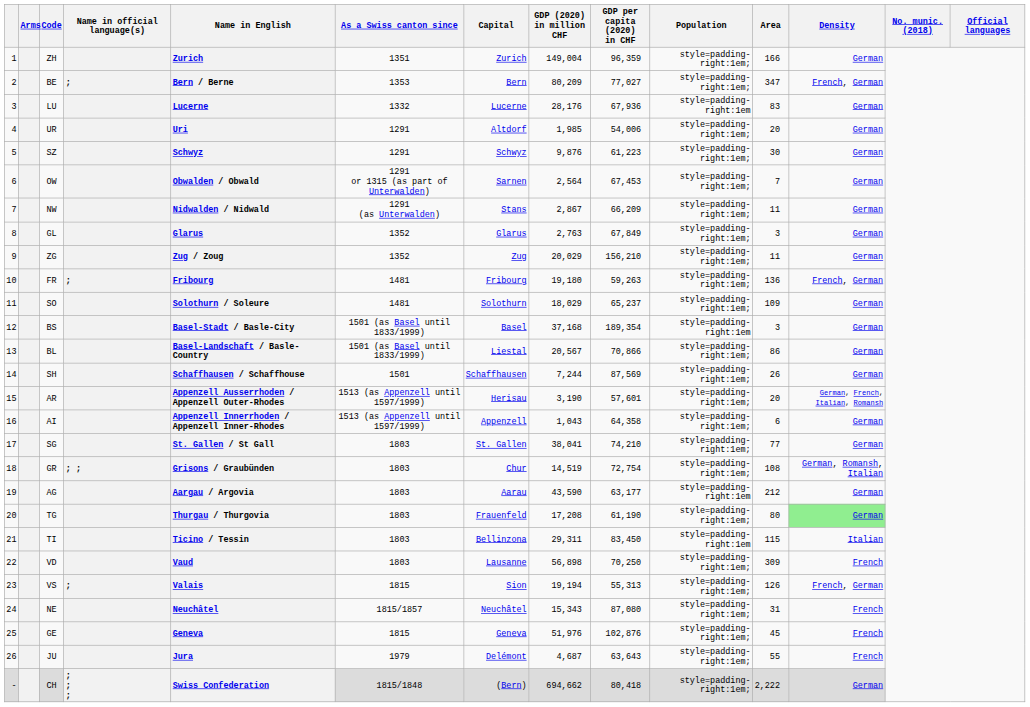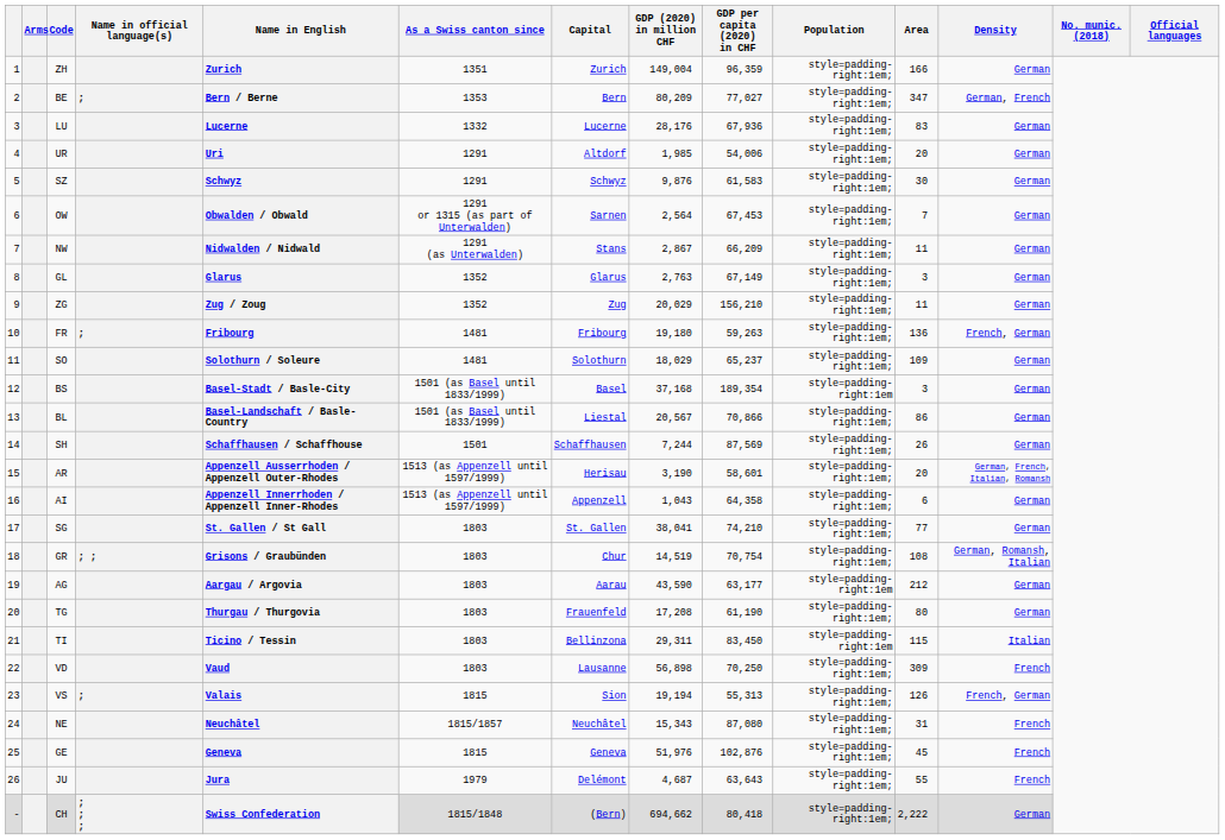 <table class="sortable wikitable sticky-table-row1 sticky-table-col1" style="text-align:right;">
 <tr>
 <th></th>
 <th style=max-width:2em;><a href='#'>Arms</a><br></th>
 <th><a href='#'>Code</a></th>
 <th>Name in official language(s)</th>
 <th>Name in English</th>
 <th><a href='#'>As a Swiss canton since</a></th>
 <th>Capital</th>
 <th>GDP (2020)<br>in million CHF</th>
 <th>GDP per<br>capita (2020)<br>in CHF</th>
 <th scope="col" data-sort-type="number">Population<br></th>
 <th>Area </th>
 <th><a href='#'>Density</a><br> </th>
 <th><a href='#'>No. munic. (2018)</a></th>
 <th><a href='#'>Official languages</a></th>
 </tr>
 <tr>
 <td>1</td>
 <th><br></th>
 <td style=text-align:center;>ZH</td>
 <th style=text-align:left;></th>
 <th style=text-align:left><a href='#'>Zurich</a></th>
 <td style=text-align:center;>1351</td>
 <td><a href='#'>Zurich</a></td>
 <td style=padding-right:1em;>149,004</td>
 <td style=padding-right:1em;>96,359</td>
 <td>style=padding-right:1em; </td>
 <td style=padding-right:1em;>166</td>
 <td><a href='#'>German</a></td>
 </tr>
 <tr>
 <td>2</td>
 <th><br></th>
 <td style=text-align:center;>BE</td>
 <th style=text-align:left;>; </th>
 <th style=text-align:left;><a href='#'>Bern</a> / Berne</th>
 <td style=text-align:center;>1353</td>
 <td><a href='#'>Bern</a></td>
 <td style=padding-right:1em;>80,209</td>
 <td style=padding-right:1em;>77,027</td>
 <td>style=padding-right:1em; </td>
 <td style=padding-right:1em;>347</td>
-<td><a href='#'>French</a>, <a href='#'>German</a></td>
+<td><a href='#'>German</a>, <a href='#'>French</a></td>
 </tr>
 <tr>
 <td>3</td>
 <th><br></th>
 <td style=text-align:center;>LU</td>
 <th style=text-align:left;></th>
 <th style=text-align:left;><a href='#'>Lucerne</a></th>
 <td style=text-align:center;>1332</td>
 <td><a href='#'>Lucerne</a></td>
 <td style=padding-right:1em;>28,176</td>
 <td style=padding-right:1em;>67,936</td>
-<td>style=padding-right:1em </td>
+<td>style=padding-right:1em; </td>
 <td style=padding-right:1em;>83</td>
 <td><a href='#'>German</a></td>
 </tr>
 <tr>
 <td>4</td>
 <th><br></th>
 <td style=text-align:center;>UR</td>
 <th style=text-align:left;></th>
 <th style=text-align:left;><a href='#'>Uri</a></th>
 <td style=text-align:center;>1291<br></td>
 <td><a href='#'>Altdorf</a></td>
 <td style=padding-right:1em;>1,985</td>
 <td style=padding-right:1em;>54,006</td>
 <td>style=padding-right:1em; </td>
 <td style=padding-right:1em>20</td>
 <td><a href='#'>German</a></td>
 </tr>
 <tr>
 <td>5</td>
 <th><br></th>
 <td style=text-align:center;>SZ</td>
 <th style=text-align:left;></th>
 <th style=text-align:left;><a href='#'>Schwyz</a></th>
 <td style=text-align:center;>1291<br></td>
 <td><a href='#'>Schwyz</a></td>
 <td style=padding-right:1em;>9,876</td>
-<td style=padding-right:1em;>61,223</td>
+<td style=padding-right:1em;>61,583</td>
 <td>style=padding-right:1em; </td>
 <td style=padding-right:1em;>30</td>
 <td><a href='#'>German</a></td>
 </tr>
 <tr>
 <td>6</td>
 <th><br></th>
 <td style=text-align:center>OW</td>
 <th style=text-align:left></th>
 <th style=text-align:left><a href='#'>Obwalden</a> / Obwald</th>
 <td style=text-align:center;>1291<br> or 1315 (as part of <a href='#'>Unterwalden</a>)</td>
 <td><a href='#'>Sarnen</a></td>
 <td style=padding-right:1em;>2,564</td>
 <td style=padding-right:1em;>67,453</td>
 <td>style=padding-right:1em; </td>
 <td style=padding-right:1em;>7</td>
 <td><a href='#'>German</a></td>
 </tr>
 <tr>
 <td>7</td>
 <th><br></th>
 <td style=text-align:center;>NW</td>
 <th style=text-align:left;></th>
 <th style=text-align:left;><a href='#'>Nidwalden</a> / Nidwald</th>
 <td style=text-align:center;>1291<br> (as <a href='#'>Unterwalden</a>)</td>
 <td><a href='#'>Stans</a></td>
 <td style=padding-right:1em;>2,867</td>
 <td style=padding-right:1em;>66,209</td>
 <td>style=padding-right:1em; </td>
 <td style=padding-right:1em;>11</td>
 <td><a href='#'>German</a></td>
 </tr>
 <tr>
 <td>8</td>
 <th><br></th>
 <td style=text-align:center;>GL</td>
 <th style=text-align:left;></th>
 <th style=text-align:left;><a href='#'>Glarus</a></th>
 <td style=text-align:center;>1352</td>
 <td><a href='#'>Glarus</a></td>
 <td style=padding-right:1em;>2,763</td>
-<td style=padding-right:1em;>67,849</td>
+<td style=padding-right:1em;>67,149</td>
 <td>style=padding-right:1em; </td>
 <td style=padding-right:1em;>3</td>
 <td><a href='#'>German</a></td>
 </tr>
 <tr>
 <td>9</td>
 <th><br></th>
 <td style=text-align:center;>ZG</td>
 <th style=text-align:left;></th>
 <th style=text-align:left;><a href='#'>Zug</a> / Zoug</th>
 <td style=text-align:center;>1352</td>
 <td><a href='#'>Zug</a></td>
 <td style=padding-right:1em;>20,029</td>
 <td style=padding-right:1em;>156,210</td>
 <td>style=padding-right:1em; </td>
 <td style=padding-right:1em;>11</td>
 <td><a href='#'>German</a></td>
 </tr>
 <tr>
 <td>10</td>
 <th><br></th>
 <td style=text-align:center;>FR</td>
 <th style=text-align:left;>; </th>
 <th style=text-align:left;><a href='#'>Fribourg</a></th>
 <td style=text-align:center;>1481</td>
 <td><a href='#'>Fribourg</a></td>
 <td style=padding-right:1em;>19,180</td>
 <td style=padding-right:1em;>59,263</td>
 <td>style=padding-right:1em; </td>
 <td style=padding-right:1em;>136</td>
 <td><a href='#'>French</a>, <a href='#'>German</a></td>
 </tr>
 <tr>
 <td>11</td>
 <th><br></th>
 <td style=text-align:center;>SO</td>
 <th style=text-align:left;></th>
 <th style=text-align:left;><a href='#'>Solothurn</a> / Soleure</th>
 <td style=text-align:center;>1481</td>
 <td><a href='#'>Solothurn</a></td>
 <td style=padding-right:1em;>18,029</td>
 <td style=padding-right:1em;>65,237</td>
 <td>style=padding-right:1em; </td>
 <td style=padding-right:1em;>109</td>
 <td><a href='#'>German</a></td>
 </tr>
 <tr>
 <td>12</td>
 <th><br></th>
 <td style=text-align:center;>BS</td>
 <th style=text-align:left;></th>
 <th style=text-align:left;><a href='#'>Basel-Stadt</a> / Basle-City</th>
 <td style=text-align:center;>1501 (as <a href='#'>Basel</a> until 1833/1999)</td>
 <td><a href='#'>Basel</a></td>
 <td style=padding-right:1em;>37,168</td>
 <td style=padding-right:1em;>189,354</td>
 <td>style=padding-right:1em </td>
 <td style=padding-right:1em;>3</td>
 <td><a href='#'>German</a></td>
 </tr>
 <tr>
 <td>13</td>
 <th><br></th>
 <td style=text-align:center;>BL</td>
 <th style=text-align:left;></th>
 <th style=text-align:left;><a href='#'>Basel-Landschaft</a> / Basle-Country</th>
 <td style=text-align:center;>1501 (as <a href='#'>Basel</a> until 1833/1999)</td>
 <td><a href='#'>Liestal</a></td>
 <td style=padding-right:1em;>20,567</td>
 <td style=padding-right:1em;>70,866</td>
 <td>style=padding-right:1em; </td>
 <td style=padding-right:1em>86</td>
 <td><a href='#'>German</a></td>
 </tr>
 <tr>
 <td>14</td>
 <th><br></th>
 <td style=text-align:center;>SH</td>
 <th style=text-align:left;></th>
 <th style=text-align:left;><a href='#'>Schaffhausen</a> / Schaffhouse</th>
 <td style=text-align:center;>1501</td>
 <td><a href='#'>Schaffhausen</a></td>
 <td style=padding-right:1em;>7,244</td>
 <td style=padding-right:1em;>87,569</td>
 <td>style=padding-right:1em; </td>
 <td style=padding-right:1em;>26</td>
 <td><a href='#'>German</a></td>
 </tr>
 <tr>
 <td>15</td>
 <th><br></th>
 <td style=text-align:center;>AR</td>
 <th style=text-align:left;></th>
 <th style=text-align:left><a href='#'>Appenzell Ausserrhoden</a> / Appenzell Outer-Rhodes</th>
 <td style=text-align:center;>1513 (as <a href='#'>Appenzell</a> until 1597/1999)</td>
 <td><a href='#'>Herisau</a></td>
 <td style=padding-right:1em;>3,190</td>
-<td style=padding-right:1em;>57,601</td>
+<td style=padding-right:1em;>58,601</td>
 <td>style=padding-right:1em; </td>
 <td style=padding-right:1em;>20</td>
 <td><small><a href='#'>German</a>, <a href='#'>French</a>, <a href='#'>Italian</a>, <a href='#'>Romansh</a></small></td>
 </tr>
 <tr>
 <td>16</td>
 <th><br></th>
 <td style=text-align:center;>AI</td>
 <th style=text-align:left;></th>
 <th style=text-align:left;><a href='#'>Appenzell Innerrhoden</a> / Appenzell Inner-Rhodes</th>
 <td style=text-align:center>1513 (as <a href='#'>Appenzell</a> until 1597/1999)</td>
 <td><a href='#'>Appenzell</a></td>
 <td style=padding-right:1em;>1,043</td>
 <td style=padding-right:1em;>64,358</td>
 <td>style=padding-right:1em; </td>
 <td style=padding-right:1em;>6</td>
 <td><a href='#'>German</a></td>
 </tr>
 <tr>
 <td>17</td>
 <th><br></th>
 <td style=text-align:center;>SG</td>
 <th style=text-align:left;></th>
 <th style=text-align:left;><a href='#'>St. Gallen</a> / St Gall</th>
 <td style=text-align:center;>1803<br></td>
 <td><a href='#'>St. Gallen</a></td>
 <td style=padding-right:1em;>38,041</td>
 <td style=padding-right:1em;>74,210</td>
 <td>style=padding-right:1em; </td>
 <td style=padding-right:1em;>77</td>
 <td><a href='#'>German</a></td>
 </tr>
 <tr>
 <td>18</td>
 <th><br></th>
 <td style=text-align:center;>GR</td>
 <th style=text-align:left;>; ; </th>
 <th style=text-align:left;><a href='#'>Grisons</a> / Graubünden</th>
 <td style=text-align:center;>1803<br></td>
 <td><a href='#'>Chur</a></td>
 <td style=padding-right:1em;>14,519</td>
-<td style=padding-right:1em;>72,754</td>
+<td style=padding-right:1em;>70,754</td>
 <td>style=padding-right:1em; </td>
 <td style=padding-right:1em>108</td>
 <td><a href='#'>German</a>, <a href='#'>Romansh</a>, <a href='#'>Italian</a></td>
 </tr>
 <tr>
 <td>19</td>
 <th><br></th>
 <td style=text-align:center;>AG</td>
 <th style=text-align:left;></th>
 <th style=text-align:left;><a href='#'>Aargau</a> / Argovia</th>
 <td style=text-align:center;>1803<br></td>
 <td><a href='#'>Aarau</a></td>
 <td style=padding-right:1em>43,590</td>
 <td style=padding-right:1em>63,177</td>
 <td>style=padding-right:1em </td>
 <td style=padding-right:1em>212</td>
 <td><a href='#'>German</a></td>
 </tr>
 <tr>
 <td>20</td>
 <th><br></th>
 <td style=text-align:center;>TG</td>
 <th style=text-align:left;></th>
 <th style=text-align:left;><a href='#'>Thurgau</a> / Thurgovia</th>
 <td style=text-align:center;>1803<br></td>
 <td><a href='#'>Frauenfeld</a></td>
 <td style=padding-right:1em;>17,208</td>
 <td style=padding-right:1em;>61,190</td>
 <td>style=padding-right:1em; </td>
 <td style=padding-right:1em;>80</td>
-<td style="background: lightgreen;"><a href='#'>German</a></td>
+<td><a href='#'>German</a></td>
 </tr>
 <tr>
 <td>21</td>
 <th><br></th>
 <td style=text-align:center;>TI</td>
 <th style=text-align:left;></th>
 <th style=text-align:left><a href='#'>Ticino</a> / Tessin</th>
 <td style=text-align:center;>1803<br></td>
 <td><a href='#'>Bellinzona</a></td>
 <td style=padding-right:1em>29,311</td>
 <td style=padding-right:1em>83,450</td>
 <td>style=padding-right:1em </td>
 <td style=padding-right:1em;>115</td>
 <td><a href='#'>Italian</a></td>
 </tr>
 <tr>
 <td>22</td>
 <th><br></th>
 <td style=text-align:center;>VD</td>
 <th style=text-align:left;></th>
 <th style=text-align:left;><a href='#'>Vaud</a></th>
 <td style=text-align:center;>1803<br></td>
 <td><a href='#'>Lausanne</a></td>
 <td style=padding-right:1em;>56,898</td>
 <td style=padding-right:1em;>70,250</td>
 <td>style=padding-right:1em; </td>
 <td style=padding-right:1em;>309</td>
 <td><a href='#'>French</a></td>
 </tr>
 <tr>
 <td>23</td>
 <th><br></th>
 <td style=text-align:center;>VS</td>
 <th style=text-align:left;>; </th>
 <th style=text-align:left><a href='#'>Valais</a></th>
 <td style=text-align:center;>1815<br></td>
 <td><a href='#'>Sion</a></td>
 <td style=padding-right:1em;>19,194</td>
 <td style=padding-right:1em;>55,313</td>
 <td>style=padding-right:1em; </td>
 <td style=padding-right:1em;>126</td>
 <td><a href='#'>French</a>, <a href='#'>German</a></td>
 </tr>
 <tr>
 <td>24</td>
 <th><br></th>
 <td style=text-align:center;>NE</td>
 <th style=text-align:left;></th>
 <th style=text-align:left;><a href='#'>Neuchâtel</a></th>
 <td style=text-align:center;>1815/1857<br></td>
 <td><a href='#'>Neuchâtel</a></td>
 <td style=padding-right:1em;>15,343</td>
 <td style=padding-right:1em;>87,080</td>
 <td>style=padding-right:1em; </td>
 <td style=padding-right:1em;>31</td>
 <td><a href='#'>French</a></td>
 </tr>
 <tr>
 <td>25</td>
 <th><br></th>
 <td style=text-align:center;>GE</td>
 <th style=text-align:left;></th>
 <th style=text-align:left;><a href='#'>Geneva</a></th>
 <td style=text-align:center;>1815<br></td>
 <td><a href='#'>Geneva</a></td>
 <td style=padding-right:1em;>51,976</td>
 <td style=padding-right:1em;>102,876</td>
 <td>style=padding-right:1em; </td>
 <td style=padding-right:1em;>45</td>
 <td><a href='#'>French</a></td>
 </tr>
 <tr>
 <td>26</td>
 <th><br></th>
 <td style=text-align:center;>JU</td>
 <th style=text-align:left;></th>
 <th style=text-align:left;><a href='#'>Jura</a></th>
 <td style=text-align:center;>1979<br></td>
 <td><a href='#'>Delémont</a></td>
 <td style=padding-right:1em;>4,687</td>
 <td style=padding-right:1em;>63,643</td>
 <td>style=padding-right:1em; </td>
 <td style=padding-right:1em;>55</td>
 <td><a href='#'>French</a></td>
 </tr>
 <tr style="background: #dcdcdc;" class="sortbottom">
 <td>-</td>
 <th></th>
 <td style=text-align:center;>CH</td>
 <th style=text-align:left;>;<br>;<br>;<br></th>
 <th style=text-align:left;><a href='#'>Swiss Confederation</a></th>
 <td style=text-align:center;>1815/1848<br></td>
 <td>(<a href='#'>Bern</a>)</td>
 <td style=padding-right:1em;>694,662</td>
 <td style=padding-right:1em;>80,418</td>
 <td>style=padding-right:1em; </td>
 <td style=padding-right:1em;>2,222</td>
 <td><a href='#'>German</a></td>
 </tr>
 </table>
